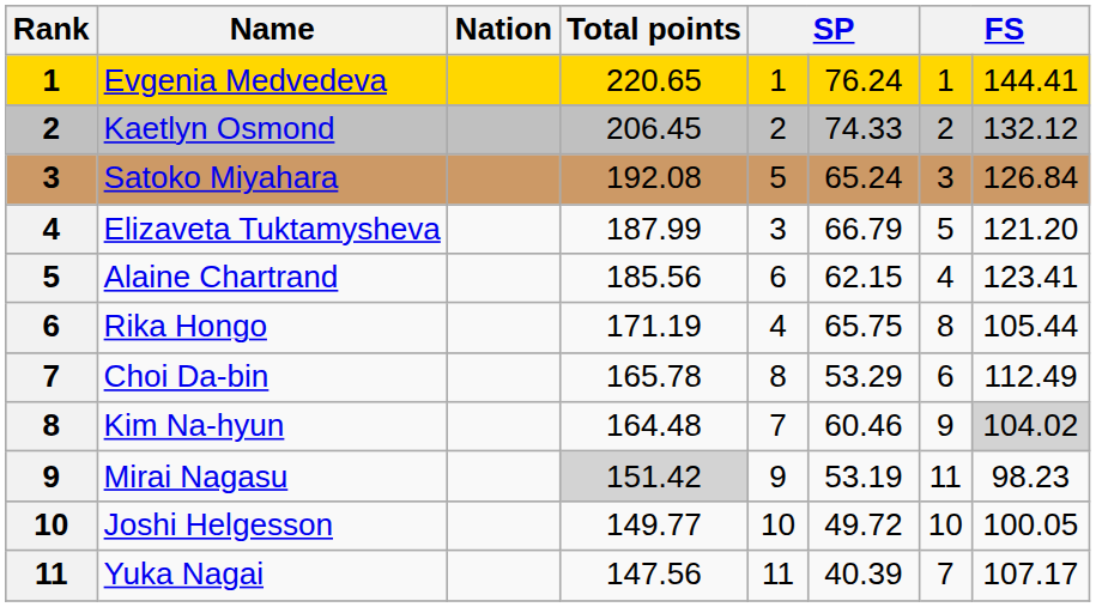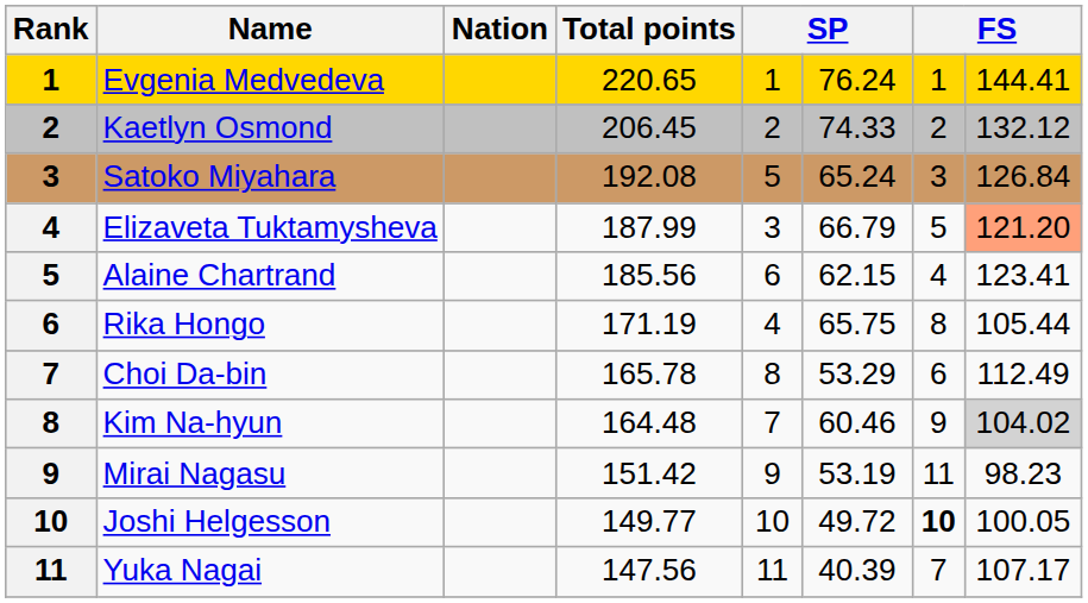 <table class="wikitable sortable">
 <tr>
 <th>Rank</th>
 <th>Name</th>
 <th>Nation</th>
 <th>Total points</th>
 <th colspan="2" width="80px"><a href='#'>SP</a></th>
 <th colspan="2" width="80px"><a href='#'>FS</a></th>
 </tr>
 <tr bgcolor="gold">
 <td align="center"><strong>1</strong></td>
 <td><a href='#'>Evgenia Medvedeva</a></td>
 <td></td>
 <td align="center">220.65</td>
 <td align="center">1</td>
 <td align="center">76.24</td>
 <td align="center">1</td>
 <td align="center">144.41</td>
 </tr>
 <tr bgcolor="silver">
 <td align="center"><strong>2</strong></td>
 <td><a href='#'>Kaetlyn Osmond</a></td>
 <td></td>
 <td align="center">206.45</td>
 <td align="center">2</td>
 <td align="center">74.33</td>
 <td align="center">2</td>
 <td align="center">132.12</td>
 </tr>
 <tr bgcolor="cc9966">
 <td align="center"><strong>3</strong></td>
 <td><a href='#'>Satoko Miyahara</a></td>
 <td></td>
 <td align="center">192.08</td>
 <td align="center">5</td>
 <td align="center">65.24</td>
 <td align="center">3</td>
 <td align="center">126.84</td>
 </tr>
 <tr>
 <th>4</th>
 <td><a href='#'>Elizaveta Tuktamysheva</a></td>
 <td></td>
 <td align="center">187.99</td>
 <td align="center">3</td>
 <td align="center">66.79</td>
 <td align="center">5</td>
-<td align="center">121.20</td>
+<td align="center" style="background: lightsalmon;">121.20</td>
 </tr>
 <tr>
 <th>5</th>
 <td><a href='#'>Alaine Chartrand</a></td>
 <td></td>
 <td align="center">185.56</td>
 <td align="center">6</td>
 <td align="center">62.15</td>
 <td align="center">4</td>
 <td align="center">123.41</td>
 </tr>
 <tr>
 <th>6</th>
 <td><a href='#'>Rika Hongo</a></td>
 <td></td>
 <td align="center">171.19</td>
 <td align="center">4</td>
 <td align="center">65.75</td>
 <td align="center">8</td>
 <td align="center">105.44</td>
 </tr>
 <tr>
 <th>7</th>
 <td><a href='#'>Choi Da-bin</a></td>
 <td></td>
 <td align="center">165.78</td>
 <td align="center">8</td>
 <td align="center">53.29</td>
 <td align="center">6</td>
 <td align="center">112.49</td>
 </tr>
 <tr>
 <th>8</th>
 <td><a href='#'>Kim Na-hyun</a></td>
 <td></td>
 <td align="center">164.48</td>
 <td align="center">7</td>
 <td align="center">60.46</td>
 <td align="center">9</td>
 <td align="center" style="background: lightgrey;">104.02</td>
 </tr>
 <tr>
 <th>9</th>
 <td><a href='#'>Mirai Nagasu</a></td>
 <td></td>
-<td align="center" style="background: lightgrey;">151.42</td>
+<td align="center">151.42</td>
 <td align="center">9</td>
 <td align="center">53.19</td>
 <td align="center">11</td>
 <td align="center">98.23</td>
 </tr>
 <tr>
 <th>10</th>
 <td><a href='#'>Joshi Helgesson</a></td>
 <td></td>
 <td align="center">149.77</td>
 <td align="center">10</td>
 <td align="center">49.72</td>
-<td align="center">10</td>
+<td align="center"><strong>10</strong></td>
 <td align="center">100.05</td>
 </tr>
 <tr>
 <th>11</th>
 <td><a href='#'>Yuka Nagai</a></td>
 <td></td>
 <td align="center">147.56</td>
 <td align="center">11</td>
 <td align="center">40.39</td>
 <td align="center">7</td>
 <td align="center">107.17</td>
 </tr>
 </table>
